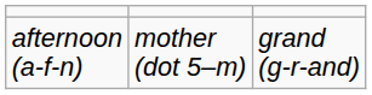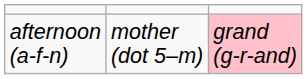 <table class=wikitable>
 <tr>
 <td></td>
 <td></td>
 <td></td>
 </tr>
 <tr>
 <td><em>afternoon<br>(a-f-n)</em></td>
 <td><em>mother<br>(dot 5–m)</em></td>
-<td><em>grand<br>(g-r-and)</em></td>
+<td style="background: pink;"><em>grand<br>(g-r-and)</em></td>
 </tr>
 </table>
